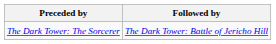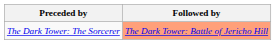 <table class="wikitable">
 <tr>
 <th><small><strong>Preceded by</strong></small></th>
 <th><small><strong>Followed by</strong></small></th>
 </tr>
 <tr>
 <td><small><em><a href='#'>The Dark Tower: The Sorcerer</a></em></small></td>
-<td><small><em><a href='#'>The Dark Tower: Battle of Jericho Hill</a></em></small></td>
+<td style="background: lightsalmon;"><small><em><a href='#'>The Dark Tower: Battle of Jericho Hill</a></em></small></td>
 </tr>
 </table>
